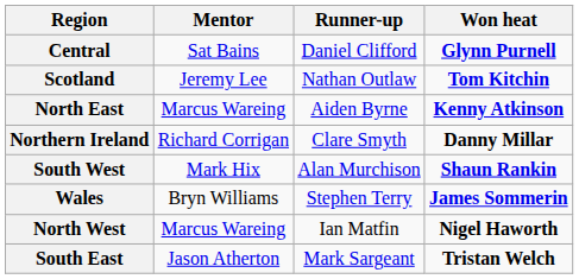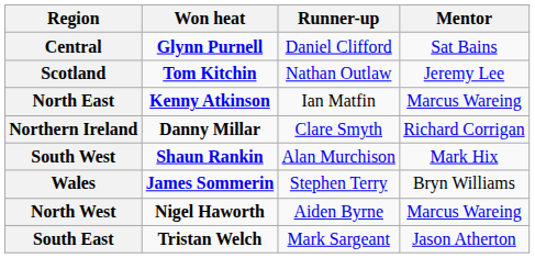 <table class="wikitable plainrowheaders sortable" style="text-align:center;">
 <tr>
 <th scope="col">Region</th>
+<th scope="col">Won heat</th>
+<th scope="col">Runner-up</th>
 <th scope="col">Mentor</th>
-<th scope="col">Runner-up</th>
-<th scope="col">Won heat</th>
 </tr>
 <tr>
 <th scope="row">Central</th>
+<td><strong><a href='#'>Glynn Purnell</a></strong></td>
+<td><a href='#'>Daniel Clifford</a></td>
 <td><a href='#'>Sat Bains</a></td>
-<td><a href='#'>Daniel Clifford</a></td>
-<td><strong><a href='#'>Glynn Purnell</a></strong></td>
 </tr>
 <tr>
 <th scope="row">Scotland</th>
+<td><strong><a href='#'>Tom Kitchin</a></strong></td>
+<td><a href='#'>Nathan Outlaw</a></td>
 <td><a href='#'>Jeremy Lee</a></td>
-<td><a href='#'>Nathan Outlaw</a></td>
-<td><strong><a href='#'>Tom Kitchin</a></strong></td>
 </tr>
 <tr>
 <th scope="row">North East</th>
+<td><strong><a href='#'>Kenny Atkinson</a></strong></td>
+<td>Ian Matfin</td>
 <td><a href='#'>Marcus Wareing</a></td>
-<td><a href='#'>Aiden Byrne</a></td>
-<td><strong><a href='#'>Kenny Atkinson</a></strong></td>
 </tr>
 <tr>
 <th scope="row">Northern Ireland</th>
+<td><strong>Danny Millar</strong></td>
+<td><a href='#'>Clare Smyth</a></td>
 <td><a href='#'>Richard Corrigan</a></td>
-<td><a href='#'>Clare Smyth</a></td>
-<td><strong>Danny Millar</strong></td>
 </tr>
 <tr>
 <th scope="row">South West</th>
+<td><strong><a href='#'>Shaun Rankin</a></strong></td>
+<td><a href='#'>Alan Murchison</a></td>
 <td><a href='#'>Mark Hix</a></td>
-<td><a href='#'>Alan Murchison</a></td>
-<td><strong><a href='#'>Shaun Rankin</a></strong></td>
 </tr>
 <tr>
 <th scope="row">Wales</th>
+<td><strong><a href='#'>James Sommerin</a></strong></td>
+<td><a href='#'>Stephen Terry</a></td>
 <td>Bryn Williams</td>
-<td><a href='#'>Stephen Terry</a></td>
-<td><strong><a href='#'>James Sommerin</a></strong></td>
 </tr>
 <tr>
 <th scope="row">North West</th>
+<td><strong>Nigel Haworth</strong></td>
+<td><a href='#'>Aiden Byrne</a></td>
 <td><a href='#'>Marcus Wareing</a></td>
-<td>Ian Matfin</td>
-<td><strong>Nigel Haworth</strong></td>
 </tr>
 <tr>
 <th scope="row">South East</th>
+<td><strong>Tristan Welch</strong></td>
+<td><a href='#'>Mark Sargeant</a></td>
 <td><a href='#'>Jason Atherton</a></td>
-<td><a href='#'>Mark Sargeant</a></td>
-<td><strong>Tristan Welch</strong></td>
 </tr>
 </table>
